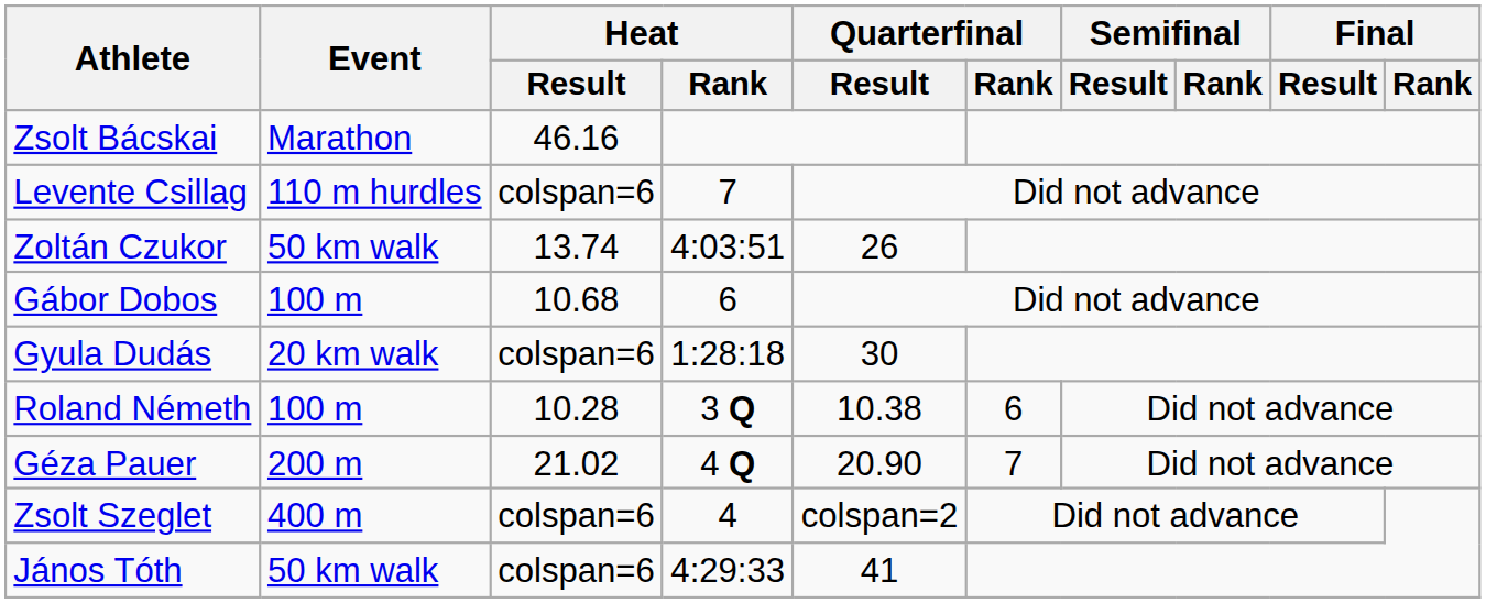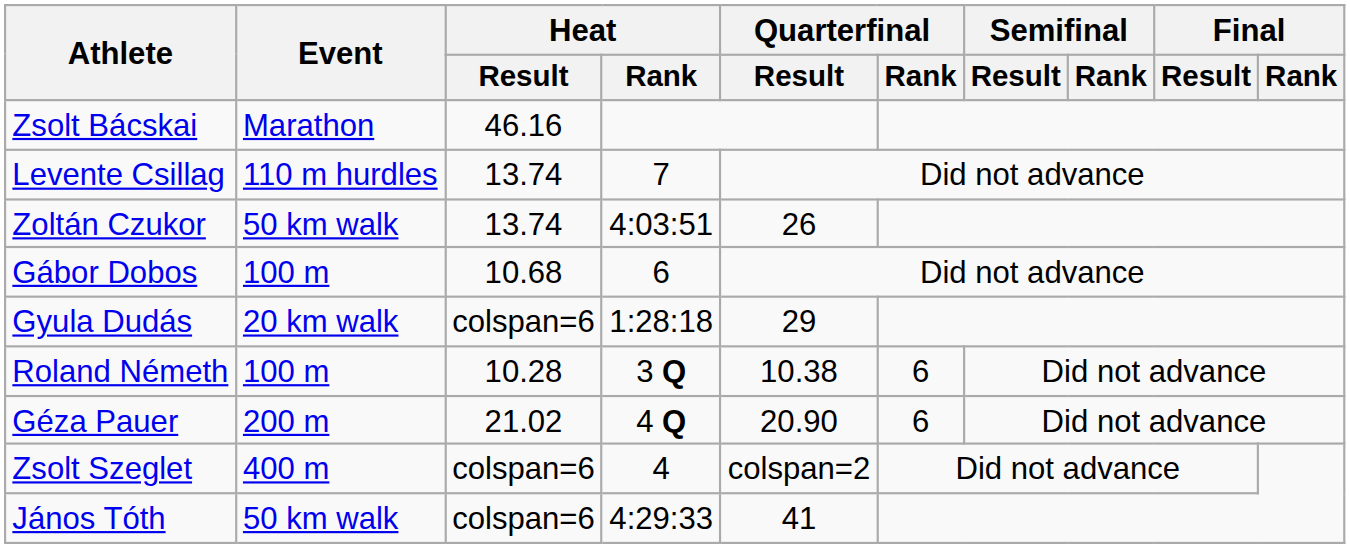 <table class=wikitable style="font-size:90%">
 <tr>
 <th rowspan="2">Athlete</th>
 <th rowspan="2">Event</th>
 <th colspan="2">Heat</th>
 <th colspan="2">Quarterfinal</th>
 <th colspan="2">Semifinal</th>
 <th colspan="2">Final</th>
 </tr>
 <tr style="font-size:95%">
 <th>Result</th>
 <th>Rank</th>
 <th>Result</th>
 <th>Rank</th>
 <th>Result</th>
 <th>Rank</th>
 <th>Result</th>
 <th>Rank</th>
 </tr>
 <tr align=center>
 <td align=left><a href='#'>Zsolt Bácskai</a></td>
 <td align=left><a href='#'>Marathon</a></td>
 <td>46.16</td>
 <td colspan=2></td>
 </tr>
 <tr align=center>
 <td align=left><a href='#'>Levente Csillag</a></td>
 <td align=left><a href='#'>110 m hurdles</a></td>
-<td>colspan=6 </td>
+<td>13.74</td>
 <td>7</td>
 <td colspan=6>Did not advance</td>
 </tr>
 <tr align=center>
 <td align=left><a href='#'>Zoltán Czukor</a></td>
 <td align=left><a href='#'>50 km walk</a></td>
 <td>13.74</td>
 <td>4:03:51</td>
 <td>26</td>
 </tr>
 <tr align=center>
 <td align=left><a href='#'>Gábor Dobos</a></td>
 <td align=left><a href='#'>100 m</a></td>
 <td>10.68</td>
 <td>6</td>
 <td colspan=6>Did not advance</td>
 </tr>
 <tr align=center>
 <td align=left><a href='#'>Gyula Dudás</a></td>
 <td align=left><a href='#'>20 km walk</a></td>
 <td>colspan=6 </td>
 <td>1:28:18</td>
-<td>30</td>
+<td>29</td>
 </tr>
 <tr align=center>
 <td align=left><a href='#'>Roland Németh</a></td>
 <td align=left><a href='#'>100 m</a></td>
 <td>10.28</td>
 <td>3 <strong>Q</strong></td>
 <td>10.38</td>
 <td>6</td>
 <td colspan=4>Did not advance</td>
 </tr>
 <tr align=center>
 <td align=left><a href='#'>Géza Pauer</a></td>
 <td align=left><a href='#'>200 m</a></td>
 <td>21.02</td>
 <td>4 <strong>Q</strong></td>
 <td>20.90</td>
-<td>7</td>
+<td>6</td>
 <td colspan=4>Did not advance</td>
 </tr>
 <tr align=center>
 <td align=left><a href='#'>Zsolt Szeglet</a></td>
 <td align=left><a href='#'>400 m</a></td>
 <td>colspan=6 </td>
 <td>4</td>
 <td>colspan=2 </td>
 <td colspan=4>Did not advance</td>
 </tr>
 <tr align=center>
 <td align=left><a href='#'>János Tóth</a></td>
 <td align=left><a href='#'>50 km walk</a></td>
 <td>colspan=6 </td>
 <td>4:29:33</td>
 <td>41</td>
 </tr>
 </table>
